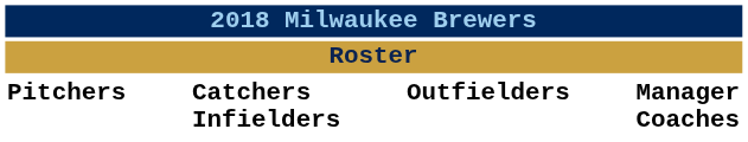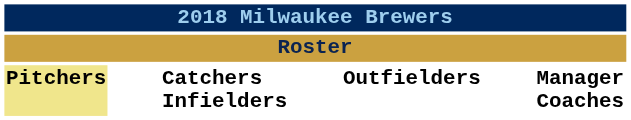 <table class="toccolours" style="font-size: 95%;">
 <tr>
 <th colspan="10" style="background-color: #00285D; color: #9ECEEE; text-align: center;">2018 Milwaukee Brewers</th>
 </tr>
 <tr>
 <td colspan="10" style="background-color: #CBA140; color: #0a2351; text-align: center;"><strong>Roster</strong></td>
 </tr>
 <tr>
-<td valign="top"><strong>Pitchers</strong><br>                           </td>
+<td valign="top" style="background: khaki;"><strong>Pitchers</strong><br>                           </td>
 <td width="25px"></td>
 <td valign="top"><strong>Catchers</strong><br>    <strong>Infielders</strong>             </td>
 <td width="25px"></td>
 <td valign="top"><strong>Outfielders</strong><br>       </td>
 <td width="25px"></td>
 <td valign="top"><strong>Manager</strong><br> <strong>Coaches</strong>                  </td>
 </tr>
 <tr>
 </tr>
 </table>
